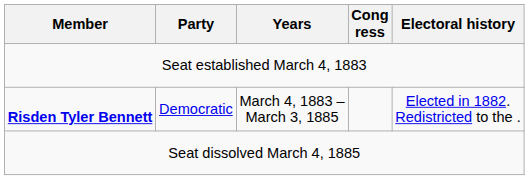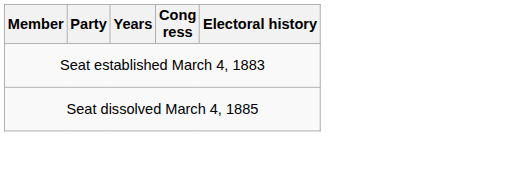 <table class="wikitable" style="text-align:center">
 <tr>
 <th>Member<br></th>
 <th>Party</th>
 <th>Years</th>
 <th>Cong<br>ress</th>
 <th>Electoral history</th>
 </tr>
 <tr style="height:3em">
 <td colspan=5>Seat established March 4, 1883</td>
 </tr>
 <tr style="height:3em">
-<td align=left><br><strong><a href='#'>Risden Tyler Bennett</a></strong><br></td>
-<td><a href='#'>Democratic</a></td>
-<td nowrap>March 4, 1883 –<br>March 3, 1885</td>
-<td></td>
-<td><a href='#'>Elected in 1882</a>.<br><a href='#'>Redistricted</a> to the .</td>
-</tr>
-<tr style="height:3em">
 <td colspan=5>Seat dissolved March 4, 1885</td>
 </tr>
 </table>
